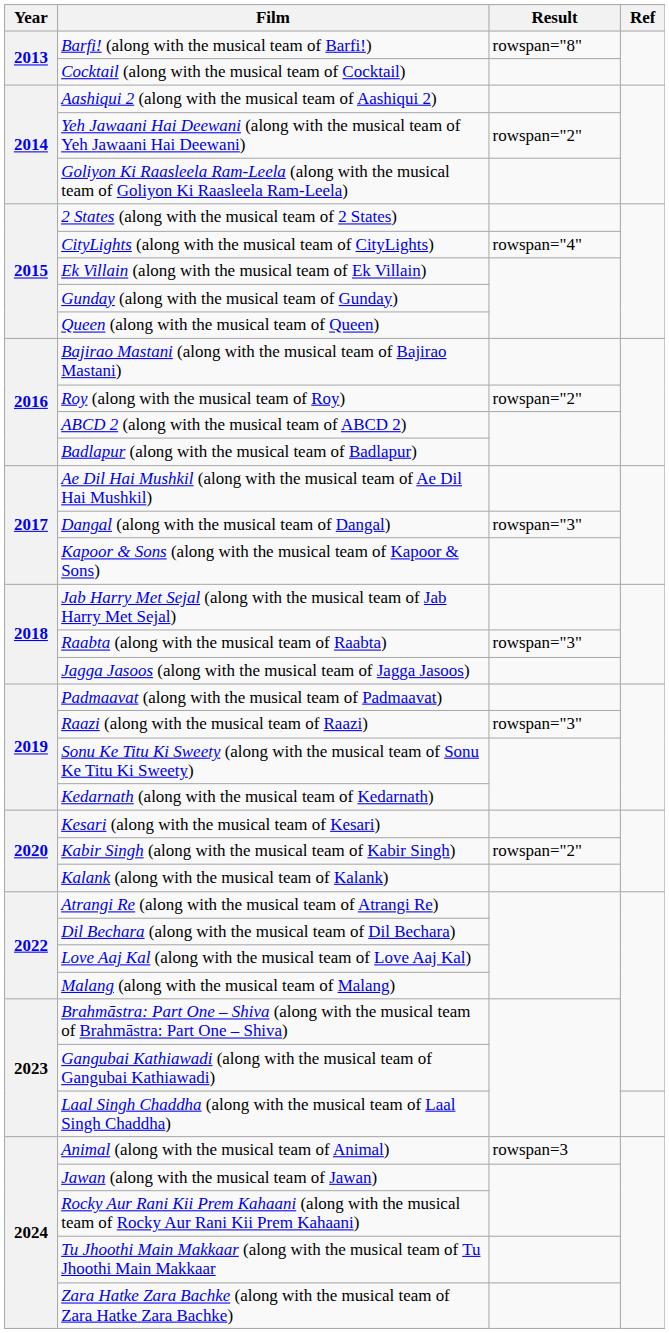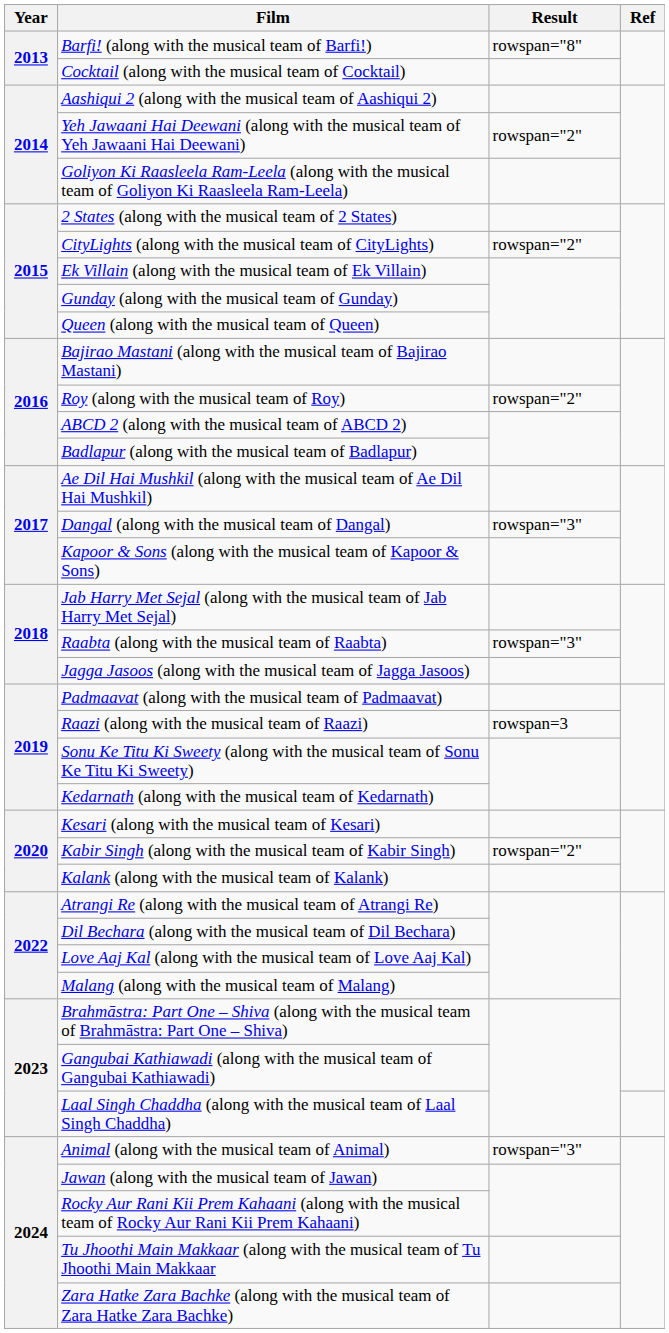 <table class="wikitable plainrowheaders" width="100%" textcolor:#000;">
 <tr>
 <th scope="col" width=5%><strong>Year</strong></th>
 <th scope="col" width=49%><strong>Film</strong></th>
 <th scope="col" width=15%><strong>Result</strong></th>
 <th scope="col" width=5%><strong>Ref</strong></th>
 </tr>
 <tr>
 <th scope="row" rowspan="2"><a href='#'>2013</a></th>
 <td><em><a href='#'>Barfi!</a></em> (along with the musical team of <a href='#'>Barfi!</a>)</td>
 <td>rowspan="8" </td>
 <td rowspan="2"></td>
 </tr>
 <tr>
 <td><em><a href='#'>Cocktail</a></em> (along with the musical team of <a href='#'>Cocktail</a>)</td>
 </tr>
 <tr>
 <th scope="row" rowspan="3"><a href='#'>2014</a></th>
 <td><em><a href='#'>Aashiqui 2</a></em> (along with the musical team of <a href='#'>Aashiqui 2</a>)</td>
 <td></td>
 <td rowspan="3"></td>
 </tr>
 <tr>
 <td><em><a href='#'>Yeh Jawaani Hai Deewani</a></em> (along with the musical team of <a href='#'>Yeh Jawaani Hai Deewani</a>)</td>
 <td>rowspan="2" </td>
 </tr>
 <tr>
 <td><em><a href='#'>Goliyon Ki Raasleela Ram-Leela</a></em> (along with the musical team of <a href='#'>Goliyon Ki Raasleela Ram-Leela</a>)</td>
 </tr>
 <tr>
 <th scope="row" rowspan="5"><a href='#'>2015</a></th>
 <td><em><a href='#'>2 States</a></em>	(along with the musical team of <a href='#'>2 States</a>)</td>
 <td></td>
 <td rowspan="5"></td>
 </tr>
 <tr>
 <td><em><a href='#'>CityLights</a></em>	(along with the musical team of <a href='#'>CityLights</a>)</td>
-<td>rowspan="4" </td>
+<td>rowspan="2" </td>
 </tr>
 <tr>
 <td><em><a href='#'>Ek Villain</a></em> (along with the musical team of <a href='#'>Ek Villain</a>)</td>
 </tr>
 <tr>
 <td><em><a href='#'>Gunday</a></em> (along with the musical team of <a href='#'>Gunday</a>)</td>
 </tr>
 <tr>
 <td><em><a href='#'>Queen</a></em> (along with the musical team of <a href='#'>Queen</a>)</td>
 </tr>
 <tr>
 <th scope="row" rowspan="4"><a href='#'>2016</a></th>
 <td><em><a href='#'>Bajirao Mastani</a></em> (along with the musical team of <a href='#'>Bajirao Mastani</a>)</td>
 <td></td>
 <td rowspan="4"></td>
 </tr>
 <tr>
 <td><em><a href='#'>Roy</a></em> (along with the musical team of <a href='#'>Roy</a>)</td>
 <td>rowspan="2" </td>
 </tr>
 <tr>
 <td><em><a href='#'>ABCD 2</a></em> (along with the musical team of <a href='#'>ABCD 2</a>)</td>
 </tr>
 <tr>
 <td><em><a href='#'>Badlapur</a></em> (along with the musical team of <a href='#'>Badlapur</a>)</td>
 </tr>
 <tr>
 <th scope="row" rowspan="3"><a href='#'>2017</a></th>
 <td><em><a href='#'>Ae Dil Hai Mushkil</a></em> (along with the musical team of <a href='#'>Ae Dil Hai Mushkil</a>)</td>
 <td></td>
 <td rowspan="3"></td>
 </tr>
 <tr>
 <td><em><a href='#'>Dangal</a></em> (along with the musical team of <a href='#'>Dangal</a>)</td>
 <td>rowspan="3" </td>
 </tr>
 <tr>
 <td><em><a href='#'>Kapoor & Sons</a></em> (along with the musical team of <a href='#'>Kapoor & Sons</a>)</td>
 </tr>
 <tr>
 <th scope="row" rowspan="3"><a href='#'>2018</a></th>
 <td><em><a href='#'>Jab Harry Met Sejal</a></em> (along with the musical team of <a href='#'>Jab Harry Met Sejal</a>)</td>
 <td></td>
 <td rowspan="3"></td>
 </tr>
 <tr>
 <td><em><a href='#'>Raabta</a></em> (along with the musical team of <a href='#'>Raabta</a>)</td>
 <td>rowspan="3" </td>
 </tr>
 <tr>
 <td><em><a href='#'>Jagga Jasoos</a></em> (along with the musical team of <a href='#'>Jagga Jasoos</a>)</td>
 </tr>
 <tr>
 <th scope="row" rowspan="4"><a href='#'>2019</a></th>
 <td><em><a href='#'>Padmaavat</a></em> (along with the musical team of <a href='#'>Padmaavat</a>)</td>
 <td></td>
 <td rowspan="4"></td>
 </tr>
 <tr>
 <td><em><a href='#'>Raazi</a></em> (along with the musical team of <a href='#'>Raazi</a>)</td>
-<td>rowspan="3" </td>
+<td>rowspan=3 </td>
 </tr>
 <tr>
 <td><em><a href='#'>Sonu Ke Titu Ki Sweety</a></em> (along with the musical team of <a href='#'>Sonu Ke Titu Ki Sweety</a>)</td>
 </tr>
 <tr>
 <td><em><a href='#'>Kedarnath</a></em> (along with the musical team of <a href='#'>Kedarnath</a>)</td>
 </tr>
 <tr>
 <th scope="row" rowspan="3"><a href='#'>2020</a></th>
 <td><em><a href='#'>Kesari</a></em> (along with the musical team of <a href='#'>Kesari</a>)</td>
 <td></td>
 <td rowspan="3"></td>
 </tr>
 <tr>
 <td><em><a href='#'>Kabir Singh</a></em> (along with the musical team of <a href='#'>Kabir Singh</a>)</td>
 <td>rowspan="2" </td>
 </tr>
 <tr>
 <td><em><a href='#'>Kalank</a></em> (along with the musical team of <a href='#'>Kalank</a>)</td>
 </tr>
 <tr>
 <th scope="row" rowspan="4"><a href='#'>2022</a></th>
 <td><em><a href='#'>Atrangi Re</a></em> (along with the musical team of <a href='#'>Atrangi Re</a>)</td>
 <td rowspan="4"></td>
 </tr>
 <tr>
 <td><em><a href='#'>Dil Bechara</a></em> (along with the musical team of <a href='#'>Dil Bechara</a>)</td>
 </tr>
 <tr>
 <td><em><a href='#'>Love Aaj Kal</a></em> (along with the musical team of <a href='#'>Love Aaj Kal</a>)</td>
 </tr>
 <tr>
 <td><em><a href='#'>Malang</a></em> (along with the musical team of <a href='#'>Malang</a>)</td>
 </tr>
 <tr>
 <th scope="row" rowspan="3">2023</th>
 <td><em><a href='#'>Brahmāstra: Part One – Shiva</a></em> (along with the musical team of <a href='#'>Brahmāstra: Part One – Shiva</a>)</td>
 <td rowspan="3"></td>
 </tr>
 <tr>
 <td><em><a href='#'>Gangubai Kathiawadi</a></em> (along with the musical team of <a href='#'>Gangubai Kathiawadi</a>)</td>
 </tr>
 <tr>
 <td><em><a href='#'>Laal Singh Chaddha</a></em> (along with the musical team of <a href='#'>Laal Singh Chaddha</a>)</td>
 <td></td>
 </tr>
 <tr>
 <th scope="row" rowspan="5">2024</th>
 <td><em><a href='#'>Animal</a></em> (along with the musical team of <a href='#'>Animal</a>)</td>
-<td>rowspan=3 </td>
+<td>rowspan="3" </td>
 <td rowspan="5"></td>
 </tr>
 <tr>
 <td><em><a href='#'>Jawan</a></em> (along with the musical team of <a href='#'>Jawan</a>)</td>
 </tr>
 <tr>
 <td><em><a href='#'>Rocky Aur Rani Kii Prem Kahaani</a></em> (along with the musical team of <a href='#'>Rocky Aur Rani Kii Prem Kahaani</a>)</td>
 </tr>
 <tr>
 <td><em><a href='#'>Tu Jhoothi Main Makkaar</a></em> (along with the musical team of <a href='#'>Tu Jhoothi Main Makkaar</a></td>
 <td></td>
 </tr>
 <tr>
 <td><em><a href='#'>Zara Hatke Zara Bachke</a></em> (along with the musical team of <a href='#'>Zara Hatke Zara Bachke</a>)</td>
 <td></td>
 </tr>
 </table>
